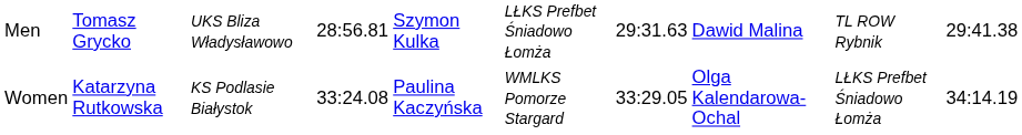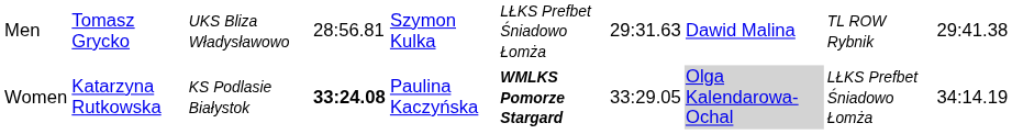 <table>
 <tr>
 <td>Men</td>
 <td><a href='#'>Tomasz Grycko</a></td>
 <td><small><em>UKS Bliza Władysławowo</em></small></td>
 <td>28:56.81 </td>
 <td><a href='#'>Szymon Kulka</a></td>
 <td><small><em>LŁKS Prefbet Śniadowo Łomża</em></small></td>
 <td>29:31.63</td>
 <td><a href='#'>Dawid Malina</a></td>
 <td><small><em>TL ROW Rybnik</em></small></td>
 <td>29:41.38</td>
 </tr>
 <tr>
 <td>Women</td>
 <td><a href='#'>Katarzyna Rutkowska</a></td>
 <td><small><em>KS Podlasie Białystok</em></small></td>
-<td>33:24.08</td>
+<td><strong>33:24.08</strong></td>
 <td><a href='#'>Paulina Kaczyńska</a></td>
-<td><small><em>WMLKS Pomorze Stargard</em></small></td>
+<td><strong><small><em>WMLKS Pomorze Stargard</em></small></strong></td>
 <td>33:29.05</td>
-<td><a href='#'>Olga Kalendarowa-Ochal</a></td>
+<td style="background: lightgrey;"><a href='#'>Olga Kalendarowa-Ochal</a></td>
 <td><small><em>LŁKS Prefbet Śniadowo Łomża</em></small></td>
 <td>34:14.19</td>
 </tr>
 </table>
